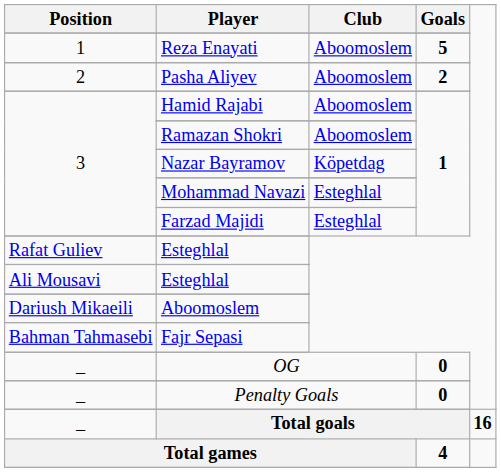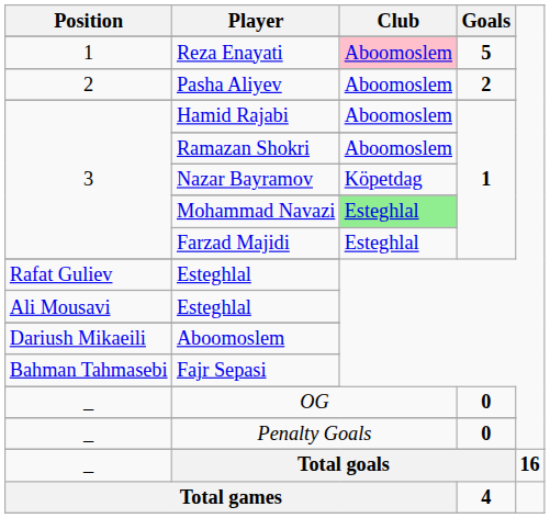 <table class="wikitable">
 <tr>
 <th>Position</th>
 <th>Player</th>
 <th>Club</th>
 <th>Goals</th>
 </tr>
 <tr>
 </tr>
 <tr align="left">
 <td align="center">1</td>
 <td> <a href='#'>Reza Enayati</a></td>
-<td> <a href='#'>Aboomoslem</a></td>
+<td style="background: pink;"> <a href='#'>Aboomoslem</a></td>
 <td align="center"><strong>5</strong></td>
 </tr>
 <tr>
 </tr>
 <tr align="left">
 <td align="center">2</td>
 <td> <a href='#'>Pasha Aliyev</a></td>
 <td> <a href='#'>Aboomoslem</a></td>
 <td align="center"><strong>2</strong></td>
 </tr>
 <tr>
 </tr>
 <tr align="left">
 <td rowspan=9 align="center">3</td>
 <td> <a href='#'>Hamid Rajabi</a></td>
 <td> <a href='#'>Aboomoslem</a></td>
 <td rowspan=9 align="center"><strong>1</strong></td>
 </tr>
 <tr>
 </tr>
 <tr align="left">
 <td> <a href='#'>Ramazan Shokri</a></td>
 <td> <a href='#'>Aboomoslem</a></td>
 </tr>
 <tr>
 </tr>
 <tr align="left">
 <td> <a href='#'>Nazar Bayramov</a></td>
 <td> <a href='#'>Köpetdag</a></td>
 </tr>
 <tr>
 </tr>
 <tr align="left">
 <td> <a href='#'>Mohammad Navazi</a></td>
-<td> <a href='#'>Esteghlal</a></td>
+<td style="background: lightgreen;"> <a href='#'>Esteghlal</a></td>
 </tr>
 <tr>
 </tr>
 <tr align="left">
 <td> <a href='#'>Farzad Majidi</a></td>
 <td> <a href='#'>Esteghlal</a></td>
 </tr>
 <tr>
 </tr>
 <tr align="left">
 <td> <a href='#'>Rafat Guliev</a></td>
 <td> <a href='#'>Esteghlal</a></td>
 </tr>
 <tr>
 </tr>
 <tr align="left">
 <td> <a href='#'>Ali Mousavi</a></td>
 <td> <a href='#'>Esteghlal</a></td>
 </tr>
 <tr>
 </tr>
 <tr align="left">
 <td> <a href='#'>Dariush Mikaeili</a></td>
 <td> <a href='#'>Aboomoslem</a></td>
 </tr>
 <tr>
 </tr>
 <tr align="left">
 <td> <a href='#'>Bahman Tahmasebi</a></td>
 <td> <a href='#'>Fajr Sepasi</a></td>
 </tr>
 <tr>
 </tr>
 <tr align="center">
 <td>_</td>
 <td colspan=2><em>OG</em></td>
 <td><strong>0</strong></td>
 </tr>
 <tr>
 </tr>
 <tr align="center">
 <td>_</td>
 <td colspan=2><em>Penalty Goals</em></td>
 <td><strong>0</strong></td>
 </tr>
 <tr>
 </tr>
 <tr align="center">
 <td>_</td>
 <th colspan=3 align=center><strong>Total goals</strong></th>
 <td align="center"><strong>16</strong></td>
 </tr>
 <tr>
 <th colspan=3 align=center><strong>Total games</strong></th>
 <td align=center><strong>4</strong></td>
 </tr>
 <tr>
 </tr>
 </table>
